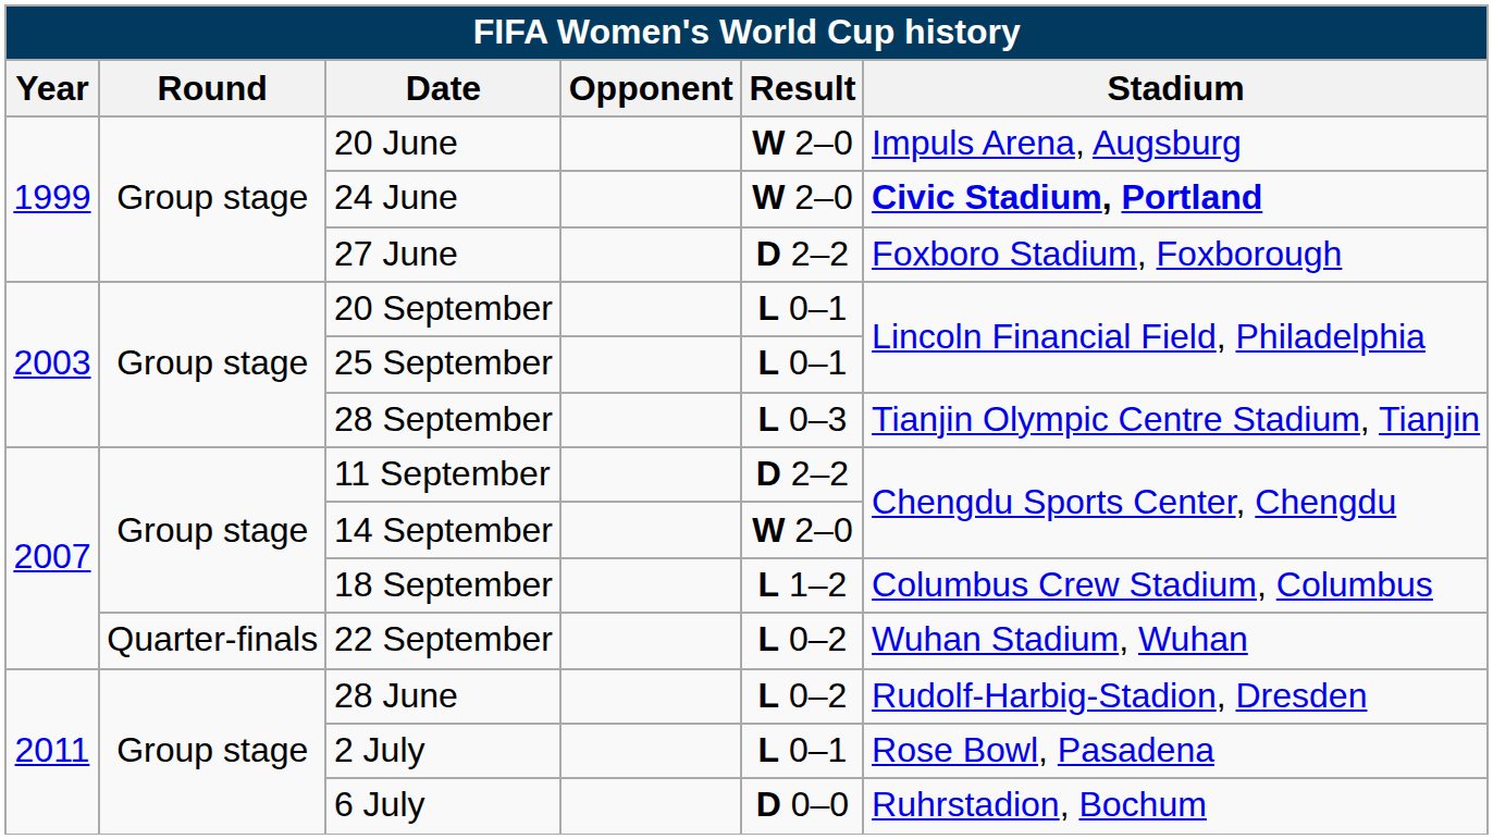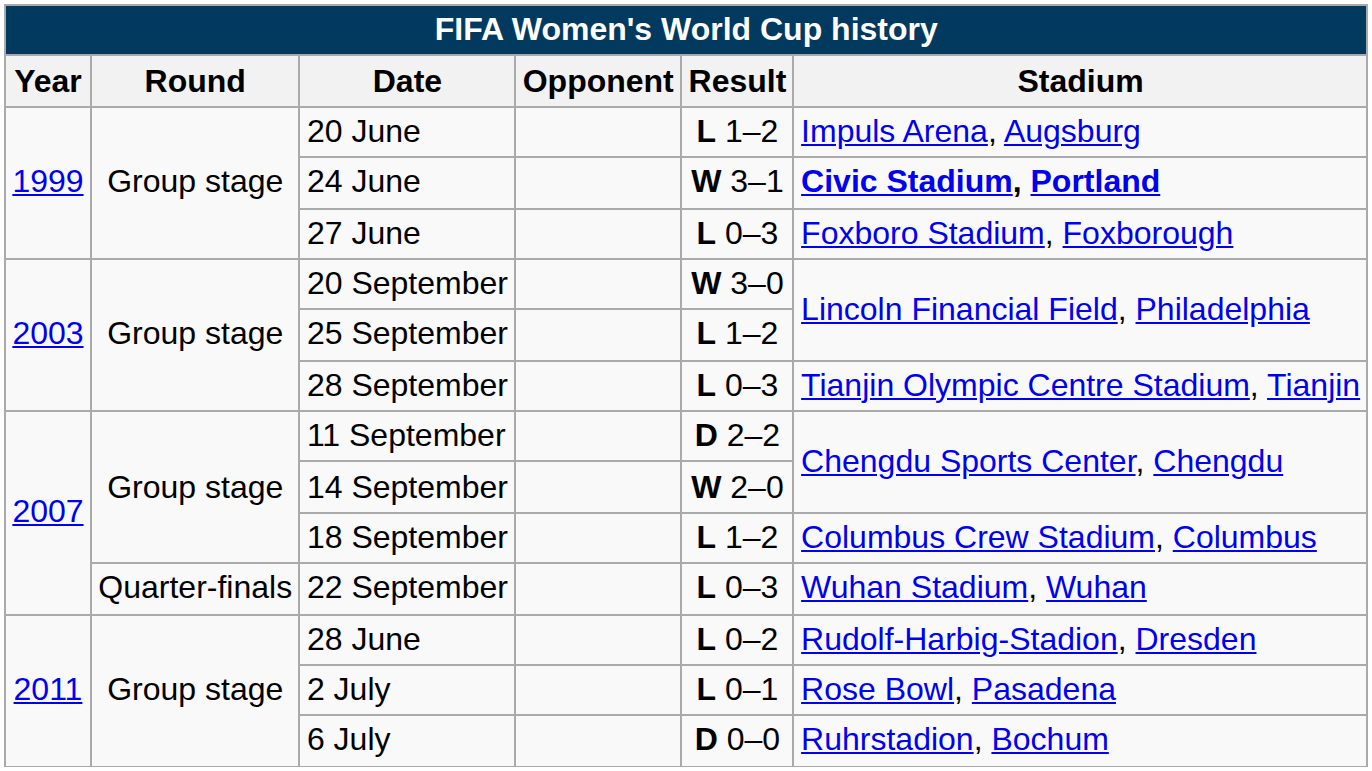 <table class="wikitable" style="text-align: center;font-size:100%;">
 <tr>
 <th colspan=6 style="background: #013A5E; color: #FFFFFF;">FIFA Women's World Cup history</th>
 </tr>
 <tr>
 <th>Year</th>
 <th>Round</th>
 <th>Date</th>
 <th>Opponent</th>
 <th>Result</th>
 <th>Stadium</th>
 </tr>
 <tr>
 <td rowspan=3> <a href='#'>1999</a></td>
 <td rowspan=3>Group stage</td>
 <td align="left">20 June</td>
 <td align="left"></td>
-<td><strong>W</strong> 2–0</td>
+<td><strong>L</strong> 1–2</td>
 <td align="left"><a href='#'>Impuls Arena</a>, <a href='#'>Augsburg</a></td>
 </tr>
 <tr>
 <td align="left">24 June</td>
 <td align="left"></td>
-<td><strong>W</strong> 2–0</td>
+<td><strong>W</strong> 3–1</td>
 <td align="left"><strong><a href='#'>Civic Stadium</a>, <a href='#'>Portland</a></strong></td>
 </tr>
 <tr>
 <td align="left">27 June</td>
 <td align="left"></td>
-<td><strong>D</strong> 2–2</td>
+<td><strong>L</strong> 0–3</td>
 <td align="left"><a href='#'>Foxboro Stadium</a>, <a href='#'>Foxborough</a></td>
 </tr>
 <tr>
 <td rowspan=3> <a href='#'>2003</a></td>
 <td rowspan=3>Group stage</td>
 <td align="left">20 September</td>
 <td align="left"></td>
-<td><strong>L</strong> 0–1</td>
+<td><strong>W</strong> 3–0</td>
 <td rowspan=2 align="left"><a href='#'>Lincoln Financial Field</a>, <a href='#'>Philadelphia</a></td>
 </tr>
 <tr>
 <td align="left">25 September</td>
 <td align="left"></td>
-<td><strong>L</strong> 0–1</td>
+<td><strong>L</strong> 1–2</td>
 </tr>
 <tr>
 <td align="left">28 September</td>
 <td align="left"></td>
 <td><strong>L</strong> 0–3</td>
 <td align="left"><a href='#'>Tianjin Olympic Centre Stadium</a>, <a href='#'>Tianjin</a></td>
 </tr>
 <tr>
 <td rowspan=4> <a href='#'>2007</a></td>
 <td rowspan=3>Group stage</td>
 <td align="left">11 September</td>
 <td align="left"></td>
 <td><strong>D</strong> 2–2</td>
 <td rowspan=2 align="left"><a href='#'>Chengdu Sports Center</a>, <a href='#'>Chengdu</a></td>
 </tr>
 <tr>
 <td align="left">14 September</td>
 <td align="left"></td>
 <td><strong>W</strong> 2–0</td>
 </tr>
 <tr>
 <td align="left">18 September</td>
 <td align="left"></td>
 <td><strong>L</strong> 1–2</td>
 <td align="left"><a href='#'>Columbus Crew Stadium</a>, <a href='#'>Columbus</a></td>
 </tr>
 <tr>
 <td>Quarter-finals</td>
 <td align="left">22 September</td>
 <td align="left"></td>
-<td><strong>L</strong> 0–2</td>
+<td><strong>L</strong> 0–3</td>
 <td align="left"><a href='#'>Wuhan Stadium</a>, <a href='#'>Wuhan</a></td>
 </tr>
 <tr>
 <td rowspan=3> <a href='#'>2011</a></td>
 <td rowspan=3>Group stage</td>
 <td align="left">28 June</td>
 <td align="left"></td>
 <td><strong>L</strong> 0–2</td>
 <td align="left"><a href='#'>Rudolf-Harbig-Stadion</a>, <a href='#'>Dresden</a></td>
 </tr>
 <tr>
 <td align="left">2 July</td>
 <td align="left"></td>
 <td><strong>L</strong> 0–1</td>
 <td align="left"><a href='#'>Rose Bowl</a>, <a href='#'>Pasadena</a></td>
 </tr>
 <tr>
 <td align="left">6 July</td>
 <td align="left"></td>
 <td><strong>D</strong> 0–0</td>
 <td align="left"><a href='#'>Ruhrstadion</a>, <a href='#'>Bochum</a></td>
 </tr>
 </table>
